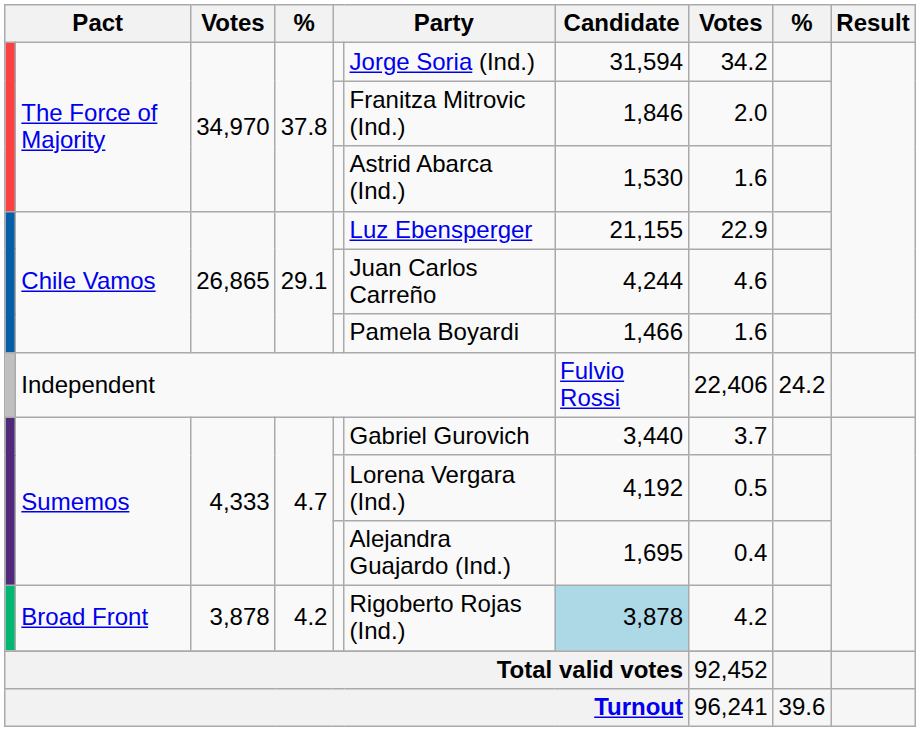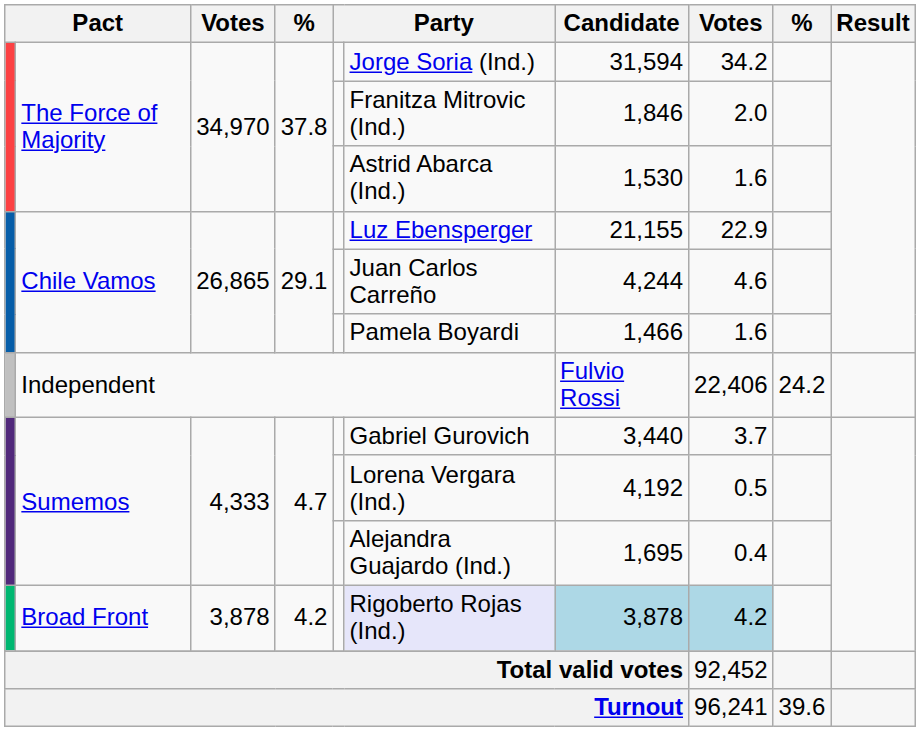 <table class=wikitable style="text-align: right;">
 <tr>
 <th scope="col" colspan="2">Pact</th>
 <th scope="col">Votes</th>
 <th scope="col">%</th>
 <th scope="col" colspan="2">Party</th>
 <th scope="col">Candidate</th>
 <th scope="col">Votes</th>
 <th scope="col">%</th>
 <th scope="col">Result</th>
 </tr>
 <tr>
 <td rowspan=3 bgcolor=#fc4143></td>
 <td rowspan=3 align=left><a href='#'>The Force of Majority</a></td>
 <td rowspan=3>34,970</td>
 <td rowspan=3>37.8</td>
 <td></td>
 <td align=left><a href='#'>Jorge Soria</a> (Ind.)</td>
 <td>31,594</td>
 <td>34.2</td>
 <td></td>
 </tr>
 <tr>
 <td></td>
 <td align=left>Franitza Mitrovic (Ind.)</td>
 <td>1,846</td>
 <td>2.0</td>
 <td></td>
 </tr>
 <tr>
 <td></td>
 <td align=left>Astrid Abarca (Ind.)</td>
 <td>1,530</td>
 <td>1.6</td>
 <td></td>
 </tr>
 <tr>
 <td rowspan=3 bgcolor=#065DA8></td>
 <td rowspan=3 align=left><a href='#'>Chile Vamos</a></td>
 <td rowspan=3>26,865</td>
 <td rowspan=3>29.1</td>
 <td></td>
 <td align=left><a href='#'>Luz Ebensperger</a></td>
 <td>21,155</td>
 <td>22.9</td>
 <td></td>
 </tr>
 <tr>
 <td></td>
 <td align=left>Juan Carlos Carreño</td>
 <td>4,244</td>
 <td>4.6</td>
 <td></td>
 </tr>
 <tr>
 <td></td>
 <td align=left>Pamela Boyardi</td>
 <td>1,466</td>
 <td>1.6</td>
 <td></td>
 </tr>
 <tr>
 <td bgcolor=silver></td>
 <td align=left colspan=5>Independent</td>
 <td align=left><a href='#'>Fulvio Rossi</a></td>
 <td>22,406</td>
 <td>24.2</td>
 <td></td>
 </tr>
 <tr>
 <td rowspan=3 bgcolor=#51297B></td>
 <td rowspan=3 align=left><a href='#'>Sumemos</a></td>
 <td rowspan=3>4,333</td>
 <td rowspan=3>4.7</td>
 <td></td>
 <td align=left>Gabriel Gurovich</td>
 <td>3,440</td>
 <td>3.7</td>
 <td></td>
 </tr>
 <tr>
 <td></td>
 <td align=left>Lorena Vergara (Ind.)</td>
 <td>4,192</td>
 <td>0.5</td>
 <td></td>
 </tr>
 <tr>
 <td></td>
 <td align=left>Alejandra Guajardo (Ind.)</td>
 <td>1,695</td>
 <td>0.4</td>
 <td></td>
 </tr>
 <tr>
 <td bgcolor=#00B771></td>
 <td align=left><a href='#'>Broad Front</a></td>
 <td>3,878</td>
 <td>4.2</td>
 <td></td>
-<td align=left>Rigoberto Rojas (Ind.)</td>
+<td align=left style="background: lavender;">Rigoberto Rojas (Ind.)</td>
 <td style="background: lightblue;">3,878</td>
-<td>4.2</td>
+<td style="background: lightblue;">4.2</td>
 <td></td>
 </tr>
 <tr>
 </tr>
 <tr style="background-color:#F6F6F6">
 <th colspan="7" style="text-align:right;">Total valid votes</th>
 <td style="text-align:right;">92,452</td>
 <td style="text-align:right;"></td>
 <td style="text-align:right;"></td>
 </tr>
 <tr style="background-color:#F6F6F6">
 <th colspan="7" style="text-align:right;"><a href='#'>Turnout</a></th>
 <td style="text-align:right;">96,241</td>
 <td style="text-align:right;">39.6</td>
 <td style="text-align:right;"></td>
 </tr>
 </table>
